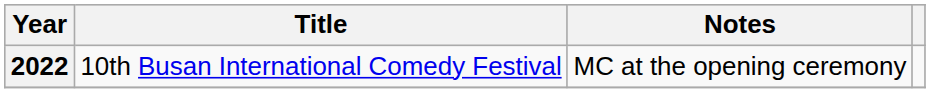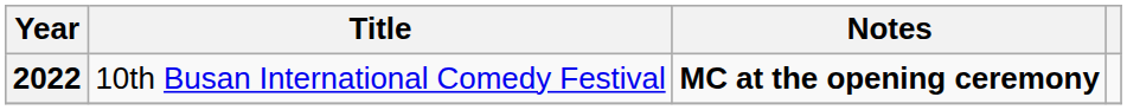 <table class="wikitable plainrowheaders">
 <tr>
 <th scope="col">Year</th>
 <th scope="col">Title</th>
 <th scope="col">Notes</th>
 <th scope="col" class="unsortable"></th>
 </tr>
 <tr>
 <th scope="row">2022</th>
 <td>10th <a href='#'>Busan International Comedy Festival</a></td>
-<td>MC at the opening ceremony</td>
+<td><strong>MC at the opening ceremony</strong></td>
 <td></td>
 </tr>
 <tr>
 </tr>
 </table>
